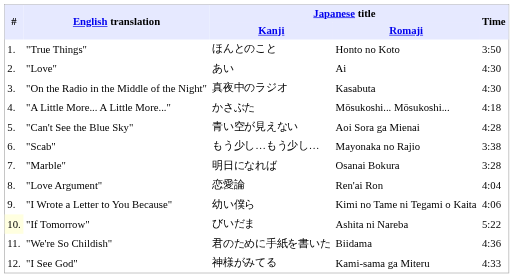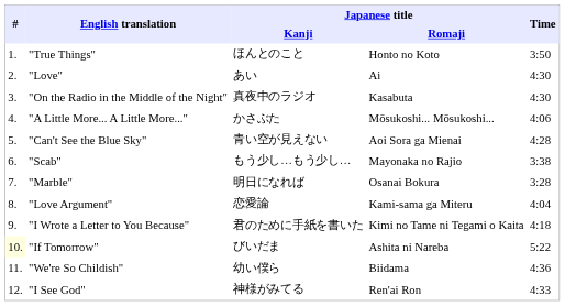 <table cellpadding="4" cellspacing="0" style="border: 1px #aaaaaa solid; border-collapse: coll">
 <tr valign="middle" bgcolor="#e6e9ff">
 <th rowspan="2">#</th>
 <th rowspan="2"><a href='#'>English</a> translation</th>
 <th colspan="2"><a href='#'>Japanese</a> title</th>
 <th rowspan="2">Time</th>
 </tr>
 <tr bgcolor="#e6e9ff">
 <th><a href='#'>Kanji</a></th>
 <th><a href='#'>Romaji</a></th>
 </tr>
 <tr>
 <td>1.</td>
 <td>"True Things"</td>
 <td>ほんとのこと</td>
 <td>Honto no Koto</td>
 <td>3:50</td>
 </tr>
 <tr>
 <td>2.</td>
 <td>"Love"</td>
 <td>あい</td>
 <td>Ai</td>
 <td>4:30</td>
 </tr>
 <tr>
 <td>3.</td>
 <td>"On the Radio in the Middle of the Night"</td>
 <td>真夜中のラジオ</td>
 <td>Kasabuta</td>
 <td>4:30</td>
 </tr>
 <tr>
 <td>4.</td>
 <td>"A Little More... A Little More..."</td>
 <td>かさぶた</td>
 <td>Mōsukoshi... Mōsukoshi...</td>
-<td>4:18</td>
+<td>4:06</td>
 </tr>
 <tr>
 <td>5.</td>
 <td>"Can't See the Blue Sky"</td>
 <td>青い空が見えない</td>
 <td>Aoi Sora ga Mienai</td>
 <td>4:28</td>
 </tr>
 <tr>
 <td>6.</td>
 <td>"Scab"</td>
 <td>もう少し…もう少し…</td>
 <td>Mayonaka no Rajio</td>
 <td>3:38</td>
 </tr>
 <tr>
 <td>7.</td>
 <td>"Marble"</td>
 <td>明日になれば</td>
 <td>Osanai Bokura</td>
 <td>3:28</td>
 </tr>
 <tr>
 <td>8.</td>
 <td>"Love Argument"</td>
 <td>恋愛論</td>
-<td>Ren'ai Ron</td>
+<td>Kami-sama ga Miteru</td>
 <td>4:04</td>
 </tr>
 <tr>
 <td>9.</td>
 <td>"I Wrote a Letter to You Because"</td>
-<td>幼い僕ら</td>
+<td>君のために手紙を書いた</td>
 <td>Kimi no Tame ni Tegami o Kaita</td>
-<td>4:06</td>
+<td>4:18</td>
 </tr>
 <tr>
 <td style="background: lightyellow;">10.</td>
 <td>"If Tomorrow"</td>
 <td>びいだま</td>
 <td>Ashita ni Nareba</td>
 <td>5:22</td>
 </tr>
 <tr>
 <td>11.</td>
 <td>"We're So Childish"</td>
-<td>君のために手紙を書いた</td>
+<td>幼い僕ら</td>
 <td>Biidama</td>
 <td>4:36</td>
 </tr>
 <tr>
 <td>12.</td>
 <td>"I See God"</td>
 <td>神様がみてる</td>
-<td>Kami-sama ga Miteru</td>
+<td>Ren'ai Ron</td>
 <td>4:33</td>
 </tr>
 </table>
